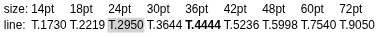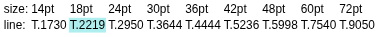 <table style="margin-left:40px;">
 <tr>
 <td>size:</td>
 <td>14pt</td>
 <td>18pt</td>
 <td>24pt</td>
 <td>30pt</td>
 <td>36pt</td>
 <td>42pt</td>
 <td>48pt</td>
 <td>60pt</td>
 <td>72pt</td>
 </tr>
 <tr>
 <td>line:</td>
 <td>T.1730</td>
-<td>T.2219</td>
-<td style="background: lightgrey;">T.2950</td>
+<td style="background: paleturquoise;">T.2219</td>
+<td>T.2950</td>
 <td>T.3644</td>
-<td><strong>T.4444</strong></td>
+<td>T.4444</td>
 <td>T.5236</td>
 <td>T.5998</td>
 <td>T.7540</td>
 <td>T.9050</td>
 </tr>
 </table>
